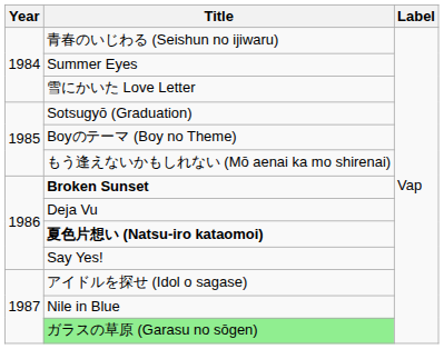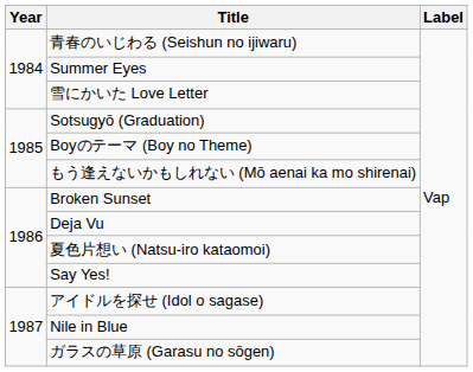 <table class="wikitable">
 <tr>
 <th>Year</th>
 <th>Title</th>
 <th>Label</th>
 </tr>
 <tr>
 <td rowspan=3>1984</td>
 <td>青春のいじわる (Seishun no ijiwaru)</td>
 <td rowspan=13>Vap</td>
 </tr>
 <tr>
 <td>Summer Eyes</td>
 </tr>
 <tr>
 <td>雪にかいた Love Letter</td>
 </tr>
 <tr>
 <td rowspan=3>1985</td>
 <td>Sotsugyō (Graduation)</td>
 </tr>
 <tr>
 <td>Boyのテーマ (Boy no Theme)</td>
 </tr>
 <tr>
 <td>もう逢えないかもしれない (Mō aenai ka mo shirenai)</td>
 </tr>
 <tr>
 <td rowspan=4>1986</td>
-<td><strong>Broken Sunset</strong></td>
+<td>Broken Sunset</td>
 </tr>
 <tr>
 <td>Deja Vu</td>
 </tr>
 <tr>
-<td><strong>夏色片想い (Natsu-iro kataomoi)</strong></td>
+<td>夏色片想い (Natsu-iro kataomoi)</td>
 </tr>
 <tr>
 <td>Say Yes!</td>
 </tr>
 <tr>
 <td rowspan=3>1987</td>
 <td>アイドルを探せ (Idol o sagase)</td>
 </tr>
 <tr>
 <td>Nile in Blue</td>
 </tr>
 <tr>
-<td style="background: lightgreen;">ガラスの草原 (Garasu no sōgen)</td>
+<td>ガラスの草原 (Garasu no sōgen)</td>
 </tr>
 </table>
